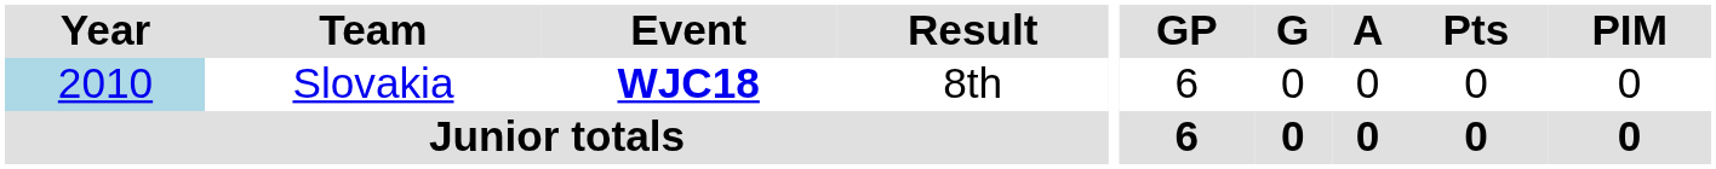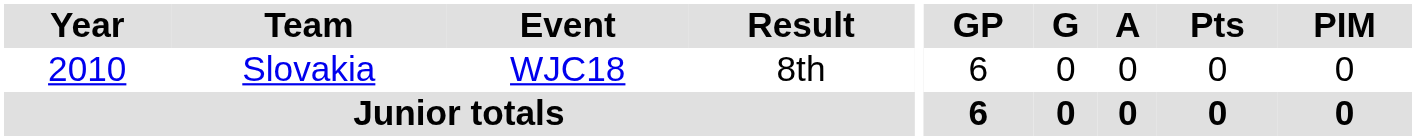 <table border="0" cellpadding="1" cellspacing="0" ID="Table3" style="text-align:center; width:40em">
 <tr ALIGN="center" bgcolor="#e0e0e0">
 <th>Year</th>
 <th>Team</th>
 <th>Event</th>
 <th>Result</th>
 <th rowspan="99" bgcolor="#ffffff"></th>
 <th>GP</th>
 <th>G</th>
 <th>A</th>
 <th>Pts</th>
 <th>PIM</th>
 </tr>
 <tr>
 </tr>
 <tr>
-<td style="background: lightblue;"><a href='#'>2010</a></td>
+<td><a href='#'>2010</a></td>
 <td><a href='#'>Slovakia</a></td>
-<td><strong><a href='#'>WJC18</a></strong></td>
+<td><a href='#'>WJC18</a></td>
 <td>8th</td>
 <td>6</td>
 <td>0</td>
 <td>0</td>
 <td>0</td>
 <td>0</td>
 </tr>
 <tr bgcolor="#e0e0e0">
 <th colspan="4">Junior totals</th>
 <th>6</th>
 <th>0</th>
 <th>0</th>
 <th>0</th>
 <th>0</th>
 </tr>
 </table>
